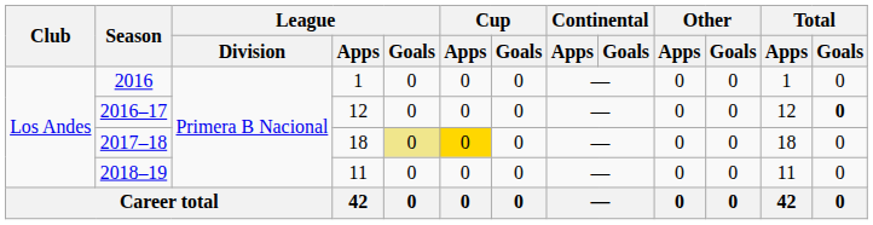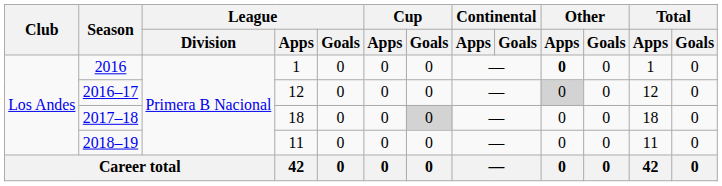 <table class="wikitable" style="text-align:center">
 <tr>
 <th rowspan="2">Club</th>
 <th rowspan="2">Season</th>
 <th colspan="3">League</th>
 <th colspan="2">Cup</th>
 <th colspan="2">Continental</th>
 <th colspan="2">Other</th>
 <th colspan="2">Total</th>
 </tr>
 <tr>
 <th>Division</th>
 <th>Apps</th>
 <th>Goals</th>
 <th>Apps</th>
 <th>Goals</th>
 <th>Apps</th>
 <th>Goals</th>
 <th>Apps</th>
 <th>Goals</th>
 <th>Apps</th>
 <th>Goals</th>
 </tr>
 <tr>
 <td rowspan="4"><a href='#'>Los Andes</a></td>
 <td><a href='#'>2016</a></td>
 <td rowspan="4"><a href='#'>Primera B Nacional</a></td>
 <td>1</td>
 <td>0</td>
 <td>0</td>
 <td>0</td>
 <td colspan="2">—</td>
-<td>0</td>
+<td><strong>0</strong></td>
 <td>0</td>
 <td>1</td>
 <td>0</td>
 </tr>
 <tr>
 <td><a href='#'>2016–17</a></td>
 <td>12</td>
 <td>0</td>
 <td>0</td>
 <td>0</td>
 <td colspan="2">—</td>
-<td>0</td>
+<td style="background: lightgrey;">0</td>
 <td>0</td>
 <td>12</td>
-<td><strong>0</strong></td>
+<td>0</td>
 </tr>
 <tr>
 <td><a href='#'>2017–18</a></td>
 <td>18</td>
-<td style="background: khaki;">0</td>
-<td style="background: gold;">0</td>
 <td>0</td>
+<td>0</td>
+<td style="background: lightgrey;">0</td>
 <td colspan="2">—</td>
 <td>0</td>
 <td>0</td>
 <td>18</td>
 <td>0</td>
 </tr>
 <tr>
 <td><a href='#'>2018–19</a></td>
 <td>11</td>
 <td>0</td>
 <td>0</td>
 <td>0</td>
 <td colspan="2">—</td>
 <td>0</td>
 <td>0</td>
 <td>11</td>
 <td>0</td>
 </tr>
 <tr>
 <th colspan="3">Career total</th>
 <th>42</th>
 <th>0</th>
 <th>0</th>
 <th>0</th>
 <th colspan="2">—</th>
 <th>0</th>
 <th>0</th>
 <th>42</th>
 <th>0</th>
 </tr>
 </table>
